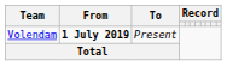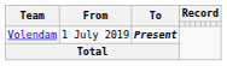 <table class="wikitable" style="text-align: center">
 <tr>
 <th rowspan="2">Team</th>
 <th rowspan="2">From</th>
 <th rowspan="2">To</th>
 <th colspan="8">Record</th>
 </tr>
 <tr>
 <th></th>
 <th></th>
 <th></th>
 <th></th>
 <th></th>
 <th></th>
 <th></th>
 <th></th>
 </tr>
 <tr>
 <td><a href='#'>Volendam</a></td>
-<td><strong>1 July 2019</strong></td>
-<td><em>Present</em><br></td>
+<td>1 July 2019</td>
+<td><strong><em>Present</em><br></strong></td>
 </tr>
 <tr>
 <th colspan=3>Total<br></th>
 </tr>
 </table>
